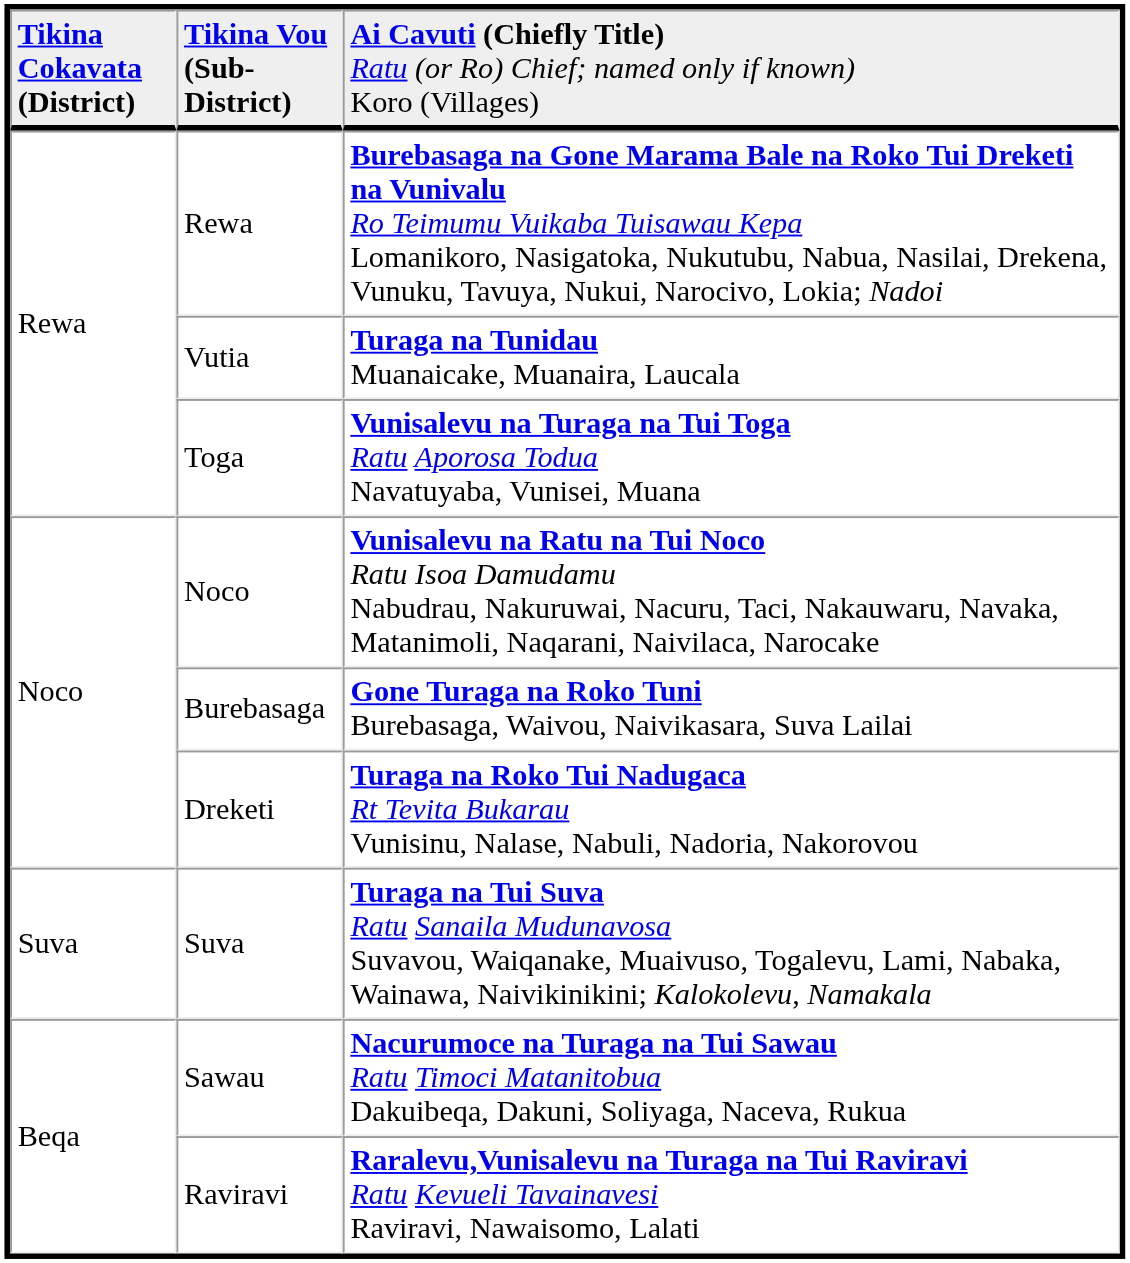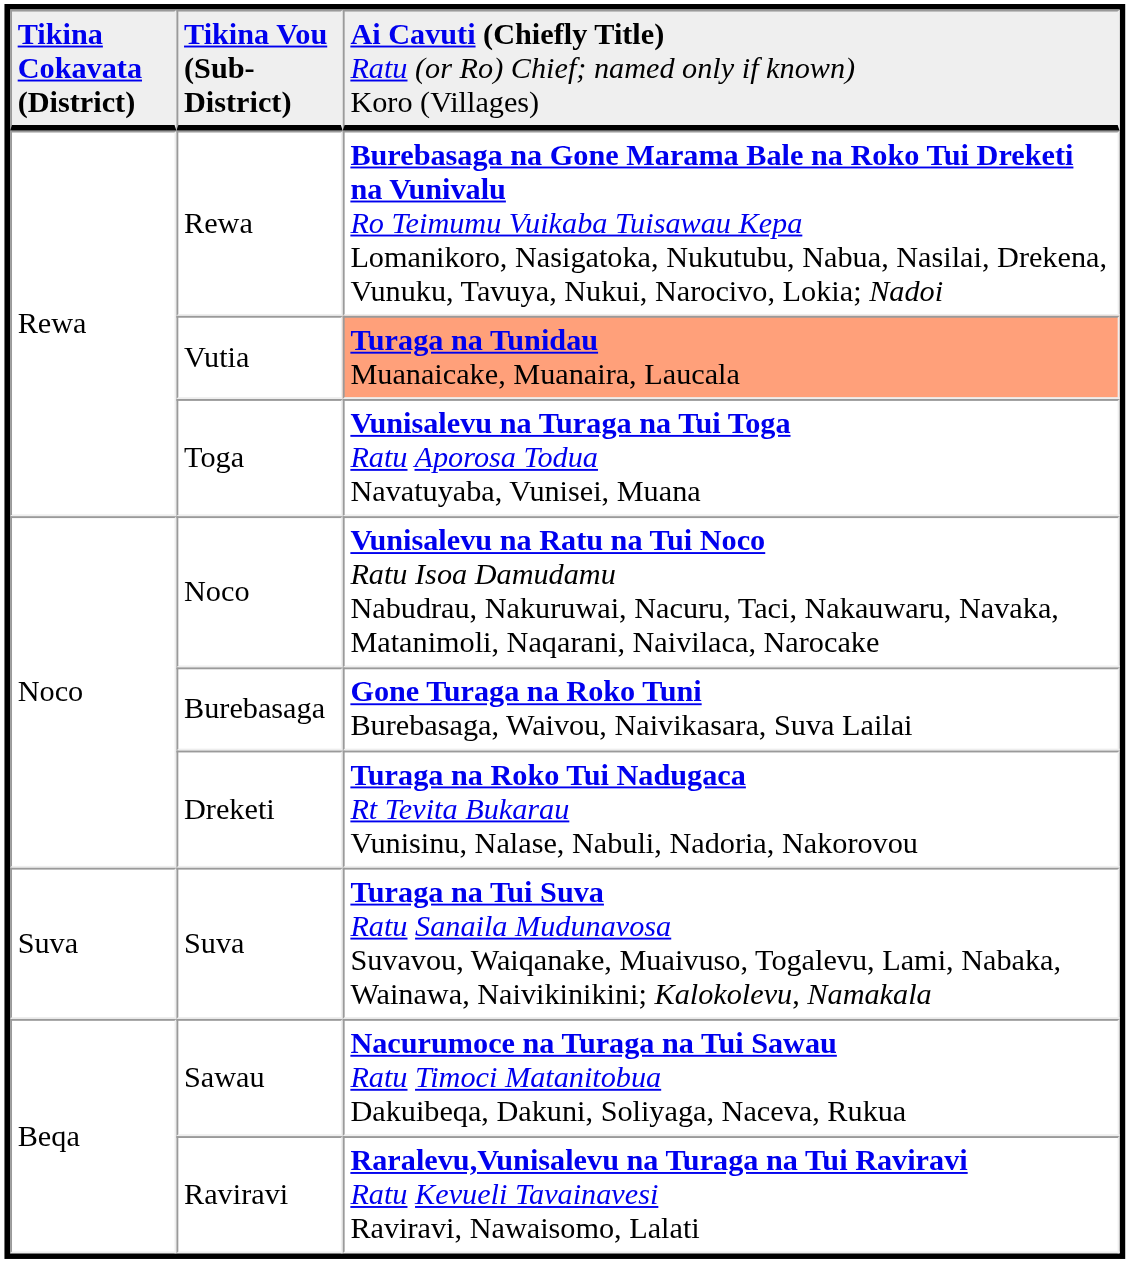 <table table width="95%" border="1" align="center" cellpadding=3 cellspacing=0 style="margin:5px; border:3px solid;">
 <tr>
 <td valign="top" td width="15%" style="border-bottom:3px solid; background:#efefef;"><strong><a href='#'>Tikina Cokavata</a><br>(District)</strong></td>
 <td valign="top" td width="15%" style="border-bottom:3px solid; background:#efefef;"><strong><a href='#'>Tikina Vou</a><br>(Sub-District)</strong></td>
 <td valign="top" td width="70%" style="border-bottom:3px solid; background:#efefef;"><strong><a href='#'>Ai Cavuti</a> (Chiefly Title)</strong><br><em><a href='#'>Ratu</a> (or Ro) Chief; named only if known)</em><br>Koro (Villages)</td>
 </tr>
 <tr>
 <td rowspan=3>Rewa</td>
 <td>Rewa</td>
 <td><strong><a href='#'>Burebasaga na Gone Marama Bale na Roko Tui Dreketi na Vunivalu</a></strong><br><em><a href='#'>Ro Teimumu Vuikaba Tuisawau Kepa</a></em> <br>Lomanikoro, Nasigatoka, Nukutubu, Nabua, Nasilai, Drekena, Vunuku, Tavuya, Nukui, Narocivo, Lokia; <em>Nadoi</em></td>
 </tr>
 <tr>
 <td>Vutia</td>
-<td><strong><a href='#'>Turaga na Tunidau</a></strong><br>Muanaicake, Muanaira, Laucala</td>
+<td style="background: lightsalmon;"><strong><a href='#'>Turaga na Tunidau</a></strong><br>Muanaicake, Muanaira, Laucala</td>
 </tr>
 <tr>
 <td>Toga</td>
 <td><strong><a href='#'>Vunisalevu na Turaga na Tui Toga</a></strong><br><em><a href='#'>Ratu</a> <a href='#'>Aporosa Todua</a></em><br>Navatuyaba, Vunisei, Muana</td>
 </tr>
 <tr>
 <td rowspan=3>Noco</td>
 <td>Noco</td>
 <td><strong><a href='#'>Vunisalevu na Ratu na Tui Noco</a></strong><br><em>Ratu Isoa Damudamu</em><br>Nabudrau, Nakuruwai, Nacuru, Taci, Nakauwaru, Navaka, Matanimoli, Naqarani, Naivilaca, Narocake</td>
 </tr>
 <tr>
 <td>Burebasaga</td>
 <td><strong><a href='#'>Gone Turaga na Roko Tuni</a></strong><br>Burebasaga, Waivou, Naivikasara, Suva Lailai</td>
 </tr>
 <tr>
 <td>Dreketi</td>
 <td><strong><a href='#'>Turaga na Roko Tui Nadugaca</a></strong><br><em><a href='#'>Rt Tevita Bukarau</a></em><br>Vunisinu, Nalase, Nabuli, Nadoria, Nakorovou</td>
 </tr>
 <tr>
 <td>Suva</td>
 <td>Suva</td>
 <td><strong><a href='#'>Turaga na Tui Suva</a></strong><br><em><a href='#'>Ratu</a> <a href='#'>Sanaila Mudunavosa</a></em><br>Suvavou, Waiqanake, Muaivuso, Togalevu, Lami, Nabaka, Wainawa, Naivikinikini; <em>Kalokolevu</em>, <em>Namakala</em></td>
 </tr>
 <tr>
 <td rowspan=2>Beqa</td>
 <td>Sawau</td>
 <td><strong><a href='#'>Nacurumoce na Turaga na Tui Sawau</a></strong><br><em><a href='#'>Ratu</a> <a href='#'>Timoci Matanitobua</a></em><br>Dakuibeqa, Dakuni, Soliyaga, Naceva, Rukua</td>
 </tr>
 <tr>
 <td>Raviravi</td>
 <td><strong><a href='#'>Raralevu,Vunisalevu na Turaga na Tui Raviravi</a></strong><br><em><a href='#'>Ratu</a> <a href='#'>Kevueli Tavainavesi</a></em><br>Raviravi, Nawaisomo, Lalati</td>
 </tr>
 </table>
